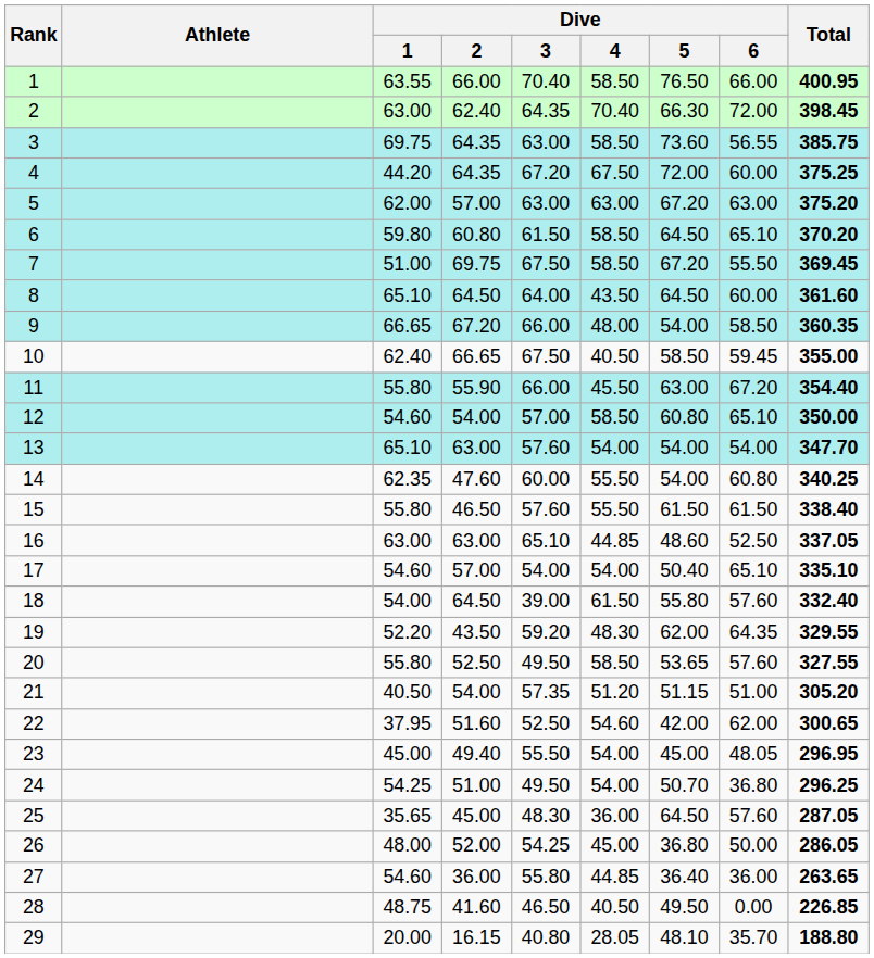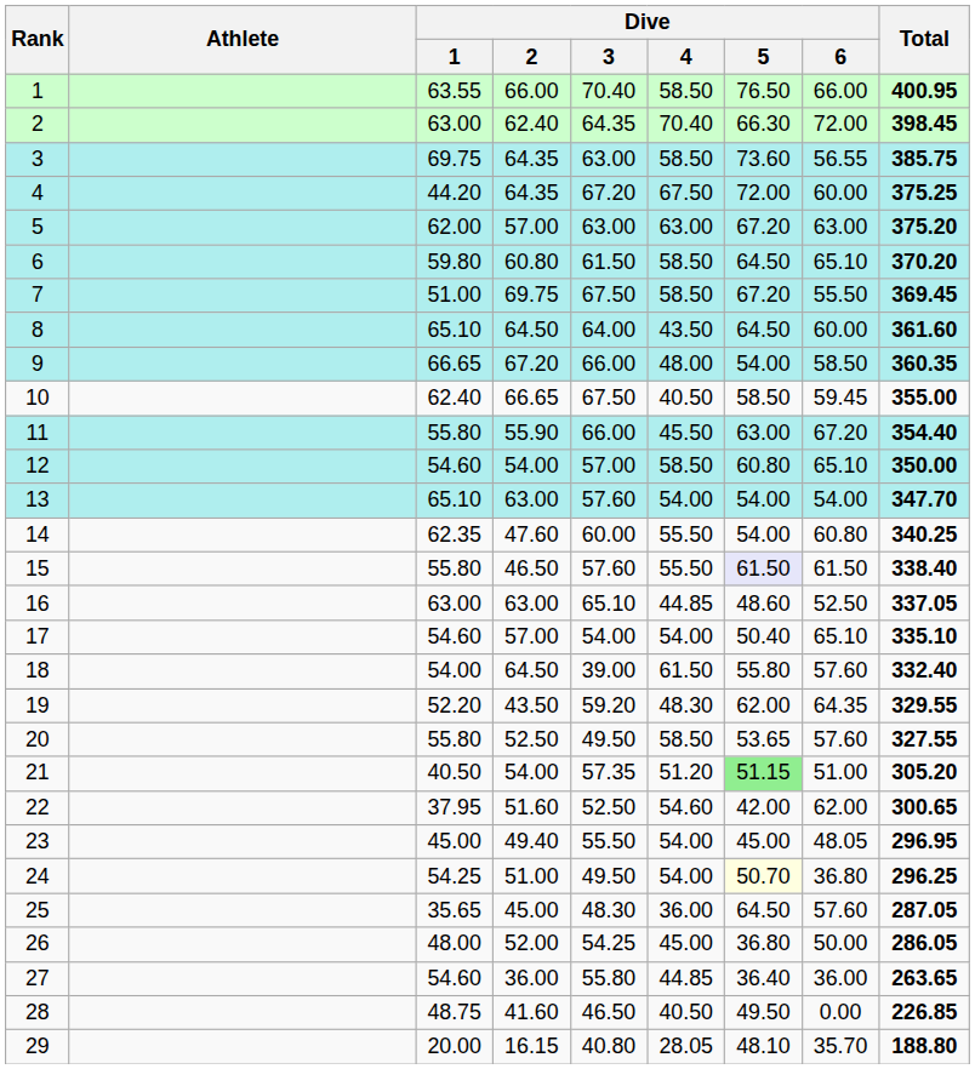 <table class="wikitable" style="text-align:center">
 <tr>
 <th rowspan="2" width="40">Rank</th>
 <th rowspan="2" width="250">Athlete</th>
 <th colspan="6">Dive</th>
 <th rowspan="2" width="60">Total</th>
 </tr>
 <tr>
 <th width="50">1</th>
 <th width="50">2</th>
 <th width="50">3</th>
 <th width="50">4</th>
 <th width="50">5</th>
 <th width="50">6</th>
 </tr>
 <tr bgcolor="ccffcc">
 <td>1</td>
 <td align="left"></td>
 <td>63.55</td>
 <td>66.00</td>
 <td>70.40</td>
 <td>58.50</td>
 <td>76.50</td>
 <td>66.00</td>
 <td><strong>400.95</strong></td>
 </tr>
 <tr bgcolor="ccffcc">
 <td>2</td>
 <td align="left"></td>
 <td>63.00</td>
 <td>62.40</td>
 <td>64.35</td>
 <td>70.40</td>
 <td>66.30</td>
 <td>72.00</td>
 <td><strong>398.45</strong></td>
 </tr>
 <tr bgcolor="#afeeee">
 <td>3</td>
 <td align="left"></td>
 <td>69.75</td>
 <td>64.35</td>
 <td>63.00</td>
 <td>58.50</td>
 <td>73.60</td>
 <td>56.55</td>
 <td><strong>385.75</strong></td>
 </tr>
 <tr bgcolor="#afeeee">
 <td>4</td>
 <td align="left"></td>
 <td>44.20</td>
 <td>64.35</td>
 <td>67.20</td>
 <td>67.50</td>
 <td>72.00</td>
 <td>60.00</td>
 <td><strong>375.25</strong></td>
 </tr>
 <tr bgcolor="#afeeee">
 <td>5</td>
 <td align="left"></td>
 <td>62.00</td>
 <td>57.00</td>
 <td>63.00</td>
 <td>63.00</td>
 <td>67.20</td>
 <td>63.00</td>
 <td><strong>375.20</strong></td>
 </tr>
 <tr bgcolor="#afeeee">
 <td>6</td>
 <td align="left"></td>
 <td>59.80</td>
 <td>60.80</td>
 <td>61.50</td>
 <td>58.50</td>
 <td>64.50</td>
 <td>65.10</td>
 <td><strong>370.20</strong></td>
 </tr>
 <tr bgcolor="#afeeee">
 <td>7</td>
 <td align="left"></td>
 <td>51.00</td>
 <td>69.75</td>
 <td>67.50</td>
 <td>58.50</td>
 <td>67.20</td>
 <td>55.50</td>
 <td><strong>369.45</strong></td>
 </tr>
 <tr bgcolor="#afeeee">
 <td>8</td>
 <td align="left"></td>
 <td>65.10</td>
 <td>64.50</td>
 <td>64.00</td>
 <td>43.50</td>
 <td>64.50</td>
 <td>60.00</td>
 <td><strong>361.60</strong></td>
 </tr>
 <tr bgcolor="#afeeee">
 <td>9</td>
 <td align="left"></td>
 <td>66.65</td>
 <td>67.20</td>
 <td>66.00</td>
 <td>48.00</td>
 <td>54.00</td>
 <td>58.50</td>
 <td><strong>360.35</strong></td>
 </tr>
 <tr>
 <td>10</td>
 <td align="left"></td>
 <td>62.40</td>
 <td>66.65</td>
 <td>67.50</td>
 <td>40.50</td>
 <td>58.50</td>
 <td>59.45</td>
 <td><strong>355.00</strong></td>
 </tr>
 <tr bgcolor="#afeeee">
 <td>11</td>
 <td align="left"></td>
 <td>55.80</td>
 <td>55.90</td>
 <td>66.00</td>
 <td>45.50</td>
 <td>63.00</td>
 <td>67.20</td>
 <td><strong>354.40</strong></td>
 </tr>
 <tr bgcolor="#afeeee">
 <td>12</td>
 <td align="left"></td>
 <td>54.60</td>
 <td>54.00</td>
 <td>57.00</td>
 <td>58.50</td>
 <td>60.80</td>
 <td>65.10</td>
 <td><strong>350.00</strong></td>
 </tr>
 <tr bgcolor="#afeeee">
 <td>13</td>
 <td align="left"></td>
 <td>65.10</td>
 <td>63.00</td>
 <td>57.60</td>
 <td>54.00</td>
 <td>54.00</td>
 <td>54.00</td>
 <td><strong>347.70</strong></td>
 </tr>
 <tr>
 <td>14</td>
 <td align="left"></td>
 <td>62.35</td>
 <td>47.60</td>
 <td>60.00</td>
 <td>55.50</td>
 <td>54.00</td>
 <td>60.80</td>
 <td><strong>340.25</strong></td>
 </tr>
 <tr>
 <td>15</td>
 <td align="left"></td>
 <td>55.80</td>
 <td>46.50</td>
 <td>57.60</td>
 <td>55.50</td>
-<td>61.50</td>
+<td style="background: lavender;">61.50</td>
 <td>61.50</td>
 <td><strong>338.40</strong></td>
 </tr>
 <tr>
 <td>16</td>
 <td align="left"></td>
 <td>63.00</td>
 <td>63.00</td>
 <td>65.10</td>
 <td>44.85</td>
 <td>48.60</td>
 <td>52.50</td>
 <td><strong>337.05</strong></td>
 </tr>
 <tr>
 <td>17</td>
 <td align="left"></td>
 <td>54.60</td>
 <td>57.00</td>
 <td>54.00</td>
 <td>54.00</td>
 <td>50.40</td>
 <td>65.10</td>
 <td><strong>335.10</strong></td>
 </tr>
 <tr>
 <td>18</td>
 <td align="left"></td>
 <td>54.00</td>
 <td>64.50</td>
 <td>39.00</td>
 <td>61.50</td>
 <td>55.80</td>
 <td>57.60</td>
 <td><strong>332.40</strong></td>
 </tr>
 <tr>
 <td>19</td>
 <td align="left"></td>
 <td>52.20</td>
 <td>43.50</td>
 <td>59.20</td>
 <td>48.30</td>
 <td>62.00</td>
 <td>64.35</td>
 <td><strong>329.55</strong></td>
 </tr>
 <tr>
 <td>20</td>
 <td align="left"></td>
 <td>55.80</td>
 <td>52.50</td>
 <td>49.50</td>
 <td>58.50</td>
 <td>53.65</td>
 <td>57.60</td>
 <td><strong>327.55</strong></td>
 </tr>
 <tr>
 <td>21</td>
 <td align="left"></td>
 <td>40.50</td>
 <td>54.00</td>
 <td>57.35</td>
 <td>51.20</td>
-<td>51.15</td>
+<td style="background: lightgreen;">51.15</td>
 <td>51.00</td>
 <td><strong>305.20</strong></td>
 </tr>
 <tr>
 <td>22</td>
 <td align="left"></td>
 <td>37.95</td>
 <td>51.60</td>
 <td>52.50</td>
 <td>54.60</td>
 <td>42.00</td>
 <td>62.00</td>
 <td><strong>300.65</strong></td>
 </tr>
 <tr>
 <td>23</td>
 <td align="left"></td>
 <td>45.00</td>
 <td>49.40</td>
 <td>55.50</td>
 <td>54.00</td>
 <td>45.00</td>
 <td>48.05</td>
 <td><strong>296.95</strong></td>
 </tr>
 <tr>
 <td>24</td>
 <td align="left"></td>
 <td>54.25</td>
 <td>51.00</td>
 <td>49.50</td>
 <td>54.00</td>
-<td>50.70</td>
+<td style="background: lightyellow;">50.70</td>
 <td>36.80</td>
 <td><strong>296.25</strong></td>
 </tr>
 <tr>
 <td>25</td>
 <td align="left"></td>
 <td>35.65</td>
 <td>45.00</td>
 <td>48.30</td>
 <td>36.00</td>
 <td>64.50</td>
 <td>57.60</td>
 <td><strong>287.05</strong></td>
 </tr>
 <tr>
 <td>26</td>
 <td align="left"></td>
 <td>48.00</td>
 <td>52.00</td>
 <td>54.25</td>
 <td>45.00</td>
 <td>36.80</td>
 <td>50.00</td>
 <td><strong>286.05</strong></td>
 </tr>
 <tr>
 <td>27</td>
 <td align="left"></td>
 <td>54.60</td>
 <td>36.00</td>
 <td>55.80</td>
 <td>44.85</td>
 <td>36.40</td>
 <td>36.00</td>
 <td><strong>263.65</strong></td>
 </tr>
 <tr>
 <td>28</td>
 <td align="left"></td>
 <td>48.75</td>
 <td>41.60</td>
 <td>46.50</td>
 <td>40.50</td>
 <td>49.50</td>
 <td>0.00</td>
 <td><strong>226.85</strong></td>
 </tr>
 <tr>
 <td>29</td>
 <td align="left"></td>
 <td>20.00</td>
 <td>16.15</td>
 <td>40.80</td>
 <td>28.05</td>
 <td>48.10</td>
 <td>35.70</td>
 <td><strong>188.80</strong></td>
 </tr>
 </table>
